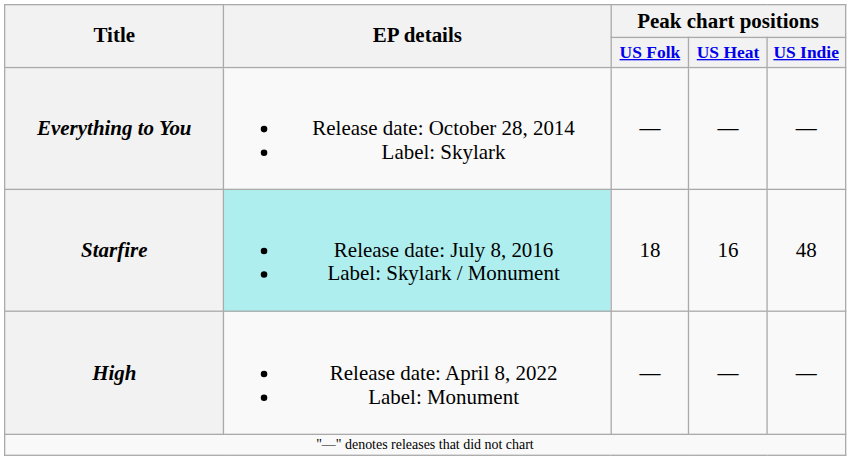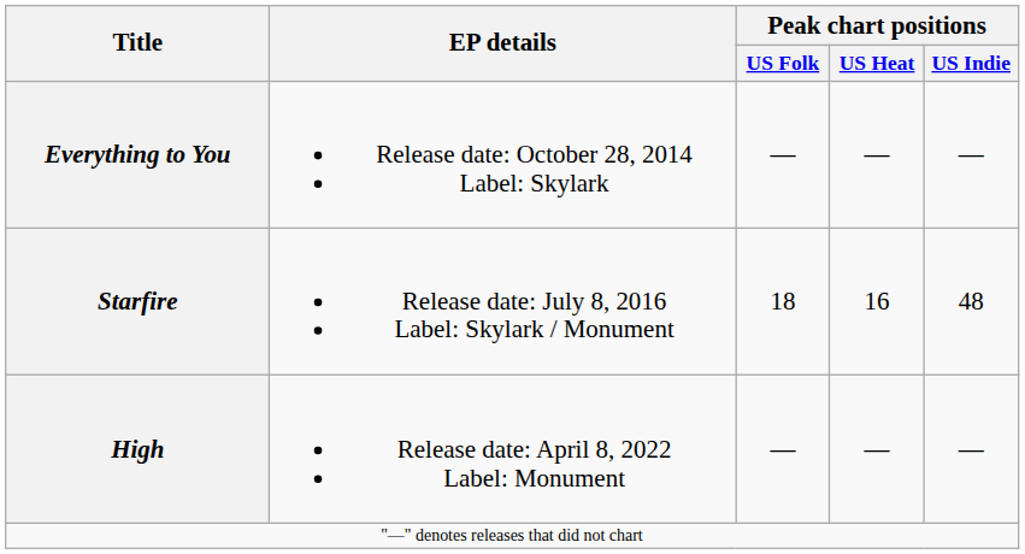 <table class="wikitable plainrowheaders" style="text-align:center;">
 <tr>
 <th rowspan="2" style="width:10em;">Title</th>
 <th rowspan="2" style="width:18em;">EP details</th>
 <th colspan="3">Peak chart positions</th>
 </tr>
 <tr style="font-size:smaller;">
 <th style="width:4em;"><a href='#'>US Folk</a><br></th>
 <th style="width:4em;"><a href='#'>US Heat</a><br></th>
 <th style="width:4em;"><a href='#'>US Indie</a><br></th>
 </tr>
 <tr>
 <th scope="row"><em>Everything to You</em></th>
 <td><br><ul><li>Release date: October 28, 2014</li><li>Label: Skylark</li></ul></td>
 <td>—</td>
 <td>—</td>
 <td>—</td>
 </tr>
 <tr>
 <th scope="row"><em>Starfire</em></th>
-<td style="background: paleturquoise;"><br><ul><li>Release date: July 8, 2016</li><li>Label: Skylark / Monument</li></ul></td>
+<td><br><ul><li>Release date: July 8, 2016</li><li>Label: Skylark / Monument</li></ul></td>
 <td>18</td>
 <td>16</td>
 <td>48</td>
 </tr>
 <tr>
 <th scope="row"><em>High</em></th>
 <td><br><ul><li>Release date: April 8, 2022</li><li>Label: Monument</li></ul></td>
 <td>—</td>
 <td>—</td>
 <td>—</td>
 </tr>
 <tr>
 <td colspan="9" style="font-size:8pt">"—" denotes releases that did not chart</td>
 </tr>
 </table>
